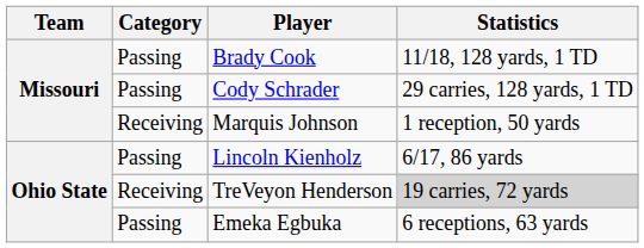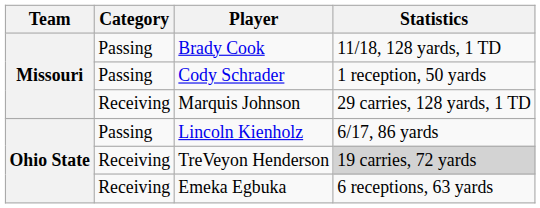 <table class="wikitable" style="float:right">
 <tr>
 <th>Team</th>
 <th>Category</th>
 <th>Player</th>
 <th>Statistics</th>
 </tr>
 <tr>
 <th rowspan=3>Missouri</th>
 <td>Passing</td>
 <td><a href='#'>Brady Cook</a></td>
 <td>11/18, 128 yards, 1 TD</td>
 </tr>
 <tr>
 <td>Passing</td>
 <td><a href='#'>Cody Schrader</a></td>
-<td>29 carries, 128 yards, 1 TD</td>
+<td>1 reception, 50 yards</td>
 </tr>
 <tr>
 <td>Receiving</td>
 <td>Marquis Johnson</td>
-<td>1 reception, 50 yards</td>
+<td>29 carries, 128 yards, 1 TD</td>
 </tr>
 <tr>
 <th rowspan=3>Ohio State</th>
 <td>Passing</td>
 <td><a href='#'>Lincoln Kienholz</a></td>
 <td>6/17, 86 yards</td>
 </tr>
 <tr>
 <td>Receiving</td>
 <td>TreVeyon Henderson</td>
 <td style="background: lightgrey;">19 carries, 72 yards</td>
 </tr>
 <tr>
-<td>Passing</td>
+<td>Receiving</td>
 <td>Emeka Egbuka</td>
 <td>6 receptions, 63 yards</td>
 </tr>
 </table>
